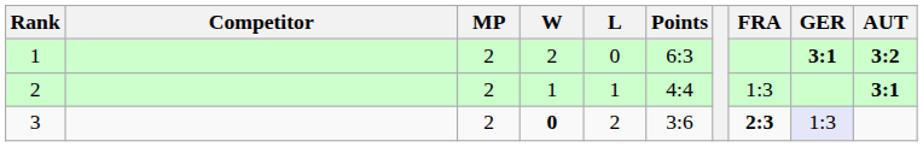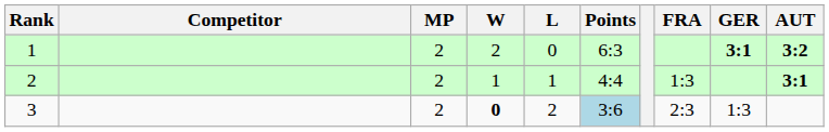 <table class="wikitable" style="text-align:center">
 <tr>
 <th>Rank</th>
 <th style="width:18em">Competitor</th>
 <th style="width:2.5em">MP</th>
 <th style="width:2.5em">W</th>
 <th style="width:2.5em">L</th>
 <th>Points</th>
 <th rowspan="4"> </th>
 <th style="width:2.5em">FRA</th>
 <th style="width:2.5em">GER</th>
 <th style="width:2.5em">AUT</th>
 </tr>
 <tr style="background:#cfc;">
 <td>1</td>
 <td style="text-align:left"></td>
 <td>2</td>
 <td>2</td>
 <td>0</td>
 <td>6:3</td>
 <td></td>
 <td><strong>3:1</strong></td>
 <td><strong>3:2</strong></td>
 </tr>
 <tr style="background:#cfc;">
 <td>2</td>
 <td style="text-align:left"></td>
 <td>2</td>
 <td>1</td>
 <td>1</td>
 <td>4:4</td>
 <td>1:3</td>
 <td></td>
 <td><strong>3:1</strong></td>
 </tr>
 <tr>
 <td>3</td>
 <td style="text-align:left"></td>
 <td>2</td>
 <td><strong>0</strong></td>
 <td>2</td>
-<td>3:6</td>
-<td><strong>2:3</strong></td>
-<td style="background: lavender;">1:3</td>
+<td style="background: lightblue;">3:6</td>
+<td>2:3</td>
+<td>1:3</td>
 <td></td>
 </tr>
 </table>
